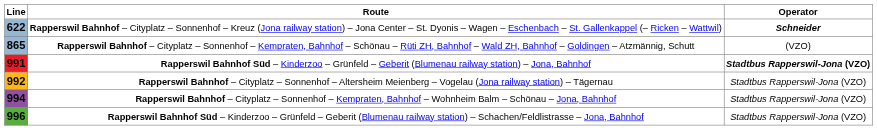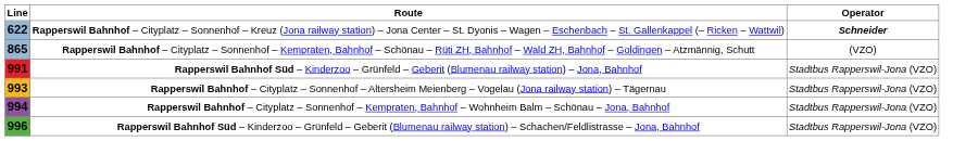 <table border="1" cellspacing="0" cellpadding="3" style="border-collapse:collapse; font-size:95%; margin-left:10px; margin-bottom:5px;">
 <tr>
 <th>Line</th>
 <th>Route</th>
 <th>Operator</th>
 </tr>
 <tr align=center>
 <td bgcolor=#94b7d4><span><big><strong>622</strong></big></span></td>
 <td><strong>Rapperswil Bahnhof</strong> – Cityplatz – Sonnenhof – Kreuz (<a href='#'>Jona railway station</a>) – Jona Center – St. Dyonis – Wagen – <a href='#'>Eschenbach</a> – <a href='#'>St. Gallenkappel</a> (– <a href='#'>Ricken</a> – <a href='#'>Wattwil</a>)</td>
 <td><strong><em>Schneider</em></strong></td>
 </tr>
 <tr align=center>
 <td bgcolor=#93b7d4><span><big><strong>865</strong></big></span></td>
 <td><strong>Rapperswil Bahnhof</strong> – Cityplatz – Sonnenhof – <a href='#'>Kempraten, Bahnhof</a> – Schönau – <a href='#'>Rüti ZH, Bahnhof</a> – <a href='#'>Wald ZH, Bahnhof</a> – <a href='#'>Goldingen</a> – Atzmännig, Schutt</td>
 <td>(VZO)</td>
 </tr>
 <tr align=center>
 <td bgcolor=#ed1b24><span><big><strong>991</strong></big></span></td>
 <td><strong>Rapperswil Bahnhof Süd</strong> – <a href='#'>Kinderzoo</a> – Grünfeld – <a href='#'>Geberit</a> (<a href='#'>Blumenau railway station</a>) – <a href='#'>Jona, Bahnhof</a></td>
-<td><strong><em>Stadtbus Rapperswil-Jona</em> (VZO)</strong></td>
+<td><em>Stadtbus Rapperswil-Jona</em> (VZO)</td>
 </tr>
 <tr align=center>
-<td bgcolor=#fcb812><span><big><strong>992</strong></big></span></td>
+<td bgcolor=#fcb812><span><big><strong>993</strong></big></span></td>
 <td><strong>Rapperswil Bahnhof</strong> – Cityplatz – Sonnenhof – Altersheim Meienberg – Vogelau (<a href='#'>Jona railway station</a>) – Tägernau</td>
 <td><em>Stadtbus Rapperswil-Jona</em> (VZO)</td>
 </tr>
 <tr align=center>
 <td bgcolor=#8f52a0><span><big><strong>994</strong></big></span></td>
 <td><strong>Rapperswil Bahnhof</strong> – Cityplatz – Sonnenhof – <a href='#'>Kempraten, Bahnhof</a> – Wohnheim Balm – Schönau – <a href='#'>Jona, Bahnhof</a></td>
 <td><em>Stadtbus Rapperswil-Jona</em> (VZO)</td>
 </tr>
 <tr align=center>
 <td bgcolor=#56b03c><span><big><strong>996</strong></big></span></td>
 <td><strong>Rapperswil Bahnhof Süd</strong> – Kinderzoo – Grünfeld – Geberit (<a href='#'>Blumenau railway station</a>) – Schachen/Feldlistrasse – <a href='#'>Jona, Bahnhof</a></td>
 <td><em>Stadtbus Rapperswil-Jona</em> (VZO)</td>
 </tr>
 </table>
